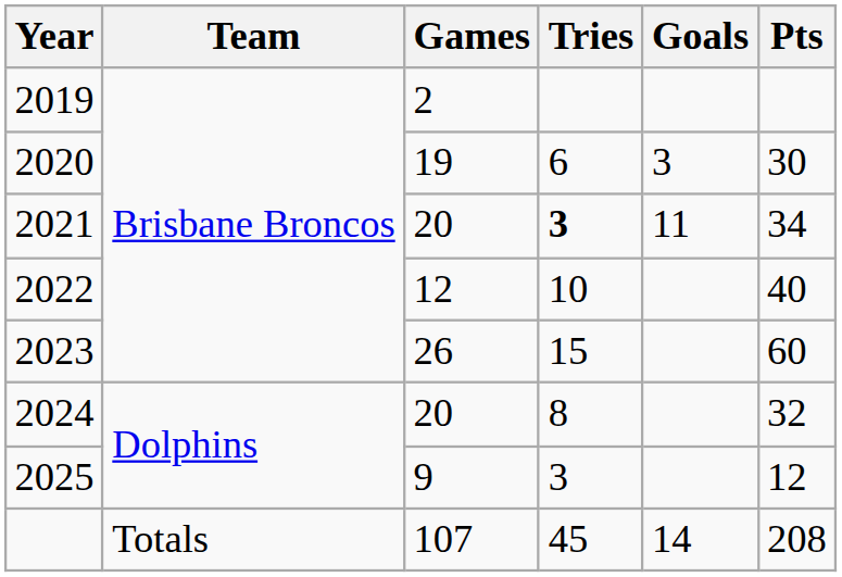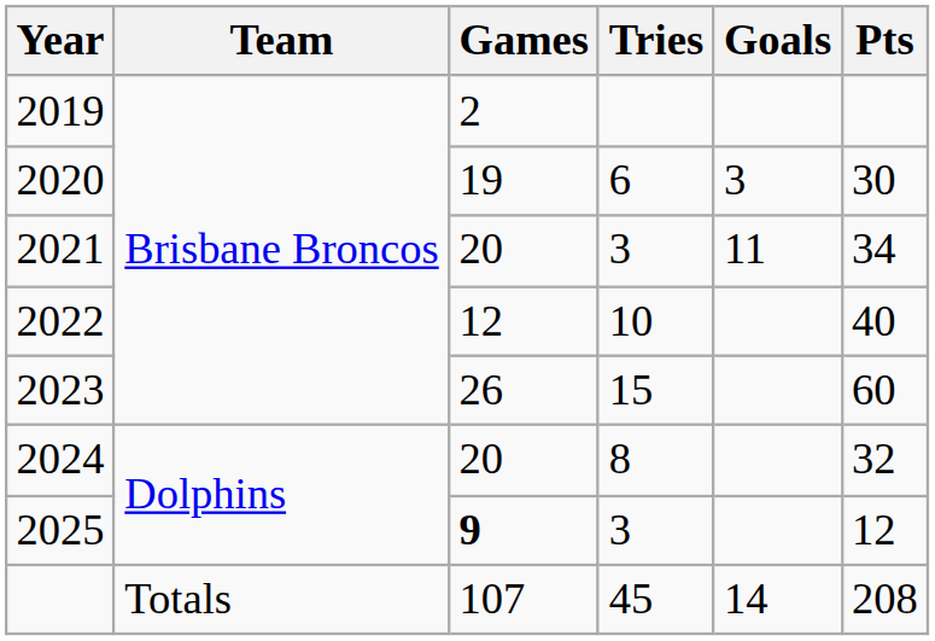 <table class="wikitable">
 <tr>
 <th>Year</th>
 <th>Team</th>
 <th>Games</th>
 <th>Tries</th>
 <th>Goals</th>
 <th>Pts</th>
 </tr>
 <tr>
 <td>2019</td>
 <td rowspan="5"> <a href='#'>Brisbane Broncos</a></td>
 <td>2</td>
 <td></td>
 <td></td>
 <td></td>
 </tr>
 <tr>
 <td>2020</td>
 <td>19</td>
 <td>6</td>
 <td>3</td>
 <td>30</td>
 </tr>
 <tr>
 <td>2021</td>
 <td>20</td>
-<td><strong>3</strong></td>
+<td>3</td>
 <td>11</td>
 <td>34</td>
 </tr>
 <tr>
 <td>2022</td>
 <td>12</td>
 <td>10</td>
 <td></td>
 <td>40</td>
 </tr>
 <tr>
 <td>2023</td>
 <td>26</td>
 <td>15</td>
 <td></td>
 <td>60</td>
 </tr>
 <tr>
 <td>2024</td>
 <td rowspan="2"> <a href='#'>Dolphins</a></td>
 <td>20</td>
 <td>8</td>
 <td></td>
 <td>32</td>
 </tr>
 <tr>
 <td>2025</td>
-<td>9</td>
+<td><strong>9</strong></td>
 <td>3</td>
 <td></td>
 <td>12</td>
 </tr>
 <tr>
 <td></td>
 <td>Totals</td>
 <td>107</td>
 <td>45</td>
 <td>14</td>
 <td>208</td>
 </tr>
 </table>
